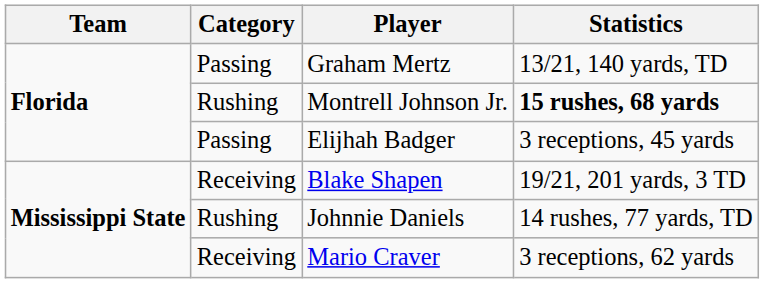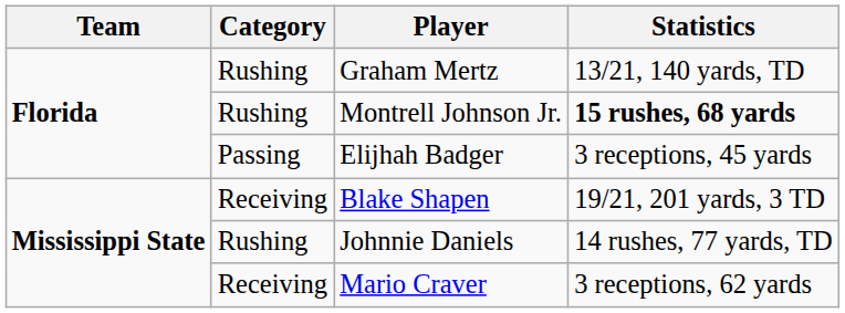 <table class="wikitable" style="float: right;">
 <tr>
 <th>Team</th>
 <th>Category</th>
 <th>Player</th>
 <th>Statistics</th>
 </tr>
 <tr>
 <td rowspan=3><strong>Florida</strong></td>
-<td>Passing</td>
+<td>Rushing</td>
 <td>Graham Mertz</td>
 <td>13/21, 140 yards, TD</td>
 </tr>
 <tr>
 <td>Rushing</td>
 <td>Montrell Johnson Jr.</td>
 <td><strong>15 rushes, 68 yards</strong></td>
 </tr>
 <tr>
 <td>Passing</td>
 <td>Elijhah Badger</td>
 <td>3 receptions, 45 yards</td>
 </tr>
 <tr>
 <td rowspan=3><strong>Mississippi State</strong></td>
 <td>Receiving</td>
 <td><a href='#'>Blake Shapen</a></td>
 <td>19/21, 201 yards, 3 TD</td>
 </tr>
 <tr>
 <td>Rushing</td>
 <td>Johnnie Daniels</td>
 <td>14 rushes, 77 yards, TD</td>
 </tr>
 <tr>
 <td>Receiving</td>
 <td><a href='#'>Mario Craver</a></td>
 <td>3 receptions, 62 yards</td>
 </tr>
 </table>
